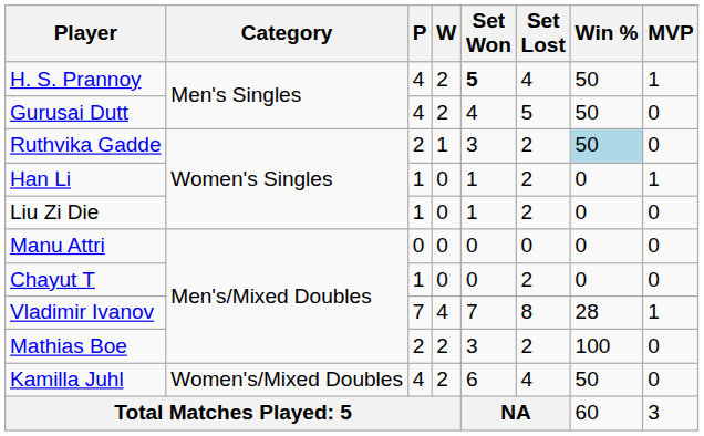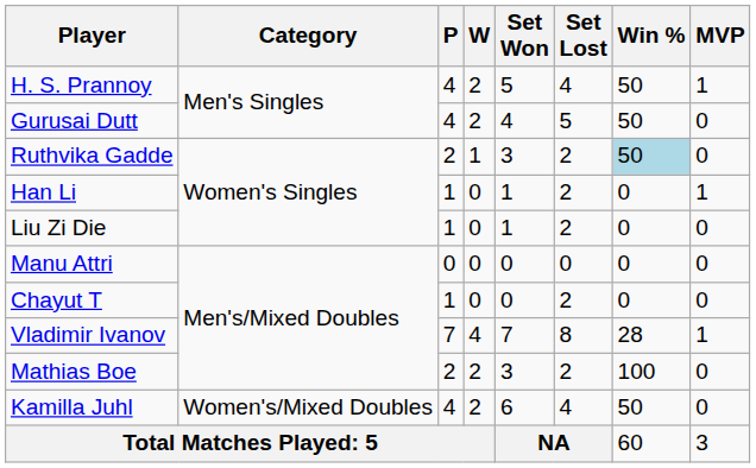 <table class="wikitable">
 <tr>
 <th>Player</th>
 <th>Category</th>
 <th>P</th>
 <th>W</th>
 <th>Set<br>Won</th>
 <th>Set<br>Lost</th>
 <th>Win %</th>
 <th>MVP</th>
 </tr>
 <tr>
 <td> <a href='#'>H. S. Prannoy</a></td>
 <td rowspan="2">Men's Singles</td>
 <td>4</td>
 <td>2</td>
-<td><strong>5</strong></td>
+<td>5</td>
 <td>4</td>
 <td>50</td>
 <td>1</td>
 </tr>
 <tr>
 <td> <a href='#'>Gurusai Dutt</a></td>
 <td>4</td>
 <td>2</td>
 <td>4</td>
 <td>5</td>
 <td>50</td>
 <td>0</td>
 </tr>
 <tr>
 <td> <a href='#'>Ruthvika Gadde</a></td>
 <td rowspan="3">Women's Singles</td>
 <td>2</td>
 <td>1</td>
 <td>3</td>
 <td>2</td>
 <td style="background: lightblue;">50</td>
 <td>0</td>
 </tr>
 <tr>
 <td> <a href='#'>Han Li</a></td>
 <td>1</td>
 <td>0</td>
 <td>1</td>
 <td>2</td>
 <td>0</td>
 <td>1</td>
 </tr>
 <tr>
 <td> Liu Zi Die</td>
 <td>1</td>
 <td>0</td>
 <td>1</td>
 <td>2</td>
 <td>0</td>
 <td>0</td>
 </tr>
 <tr>
 <td> <a href='#'>Manu Attri</a></td>
 <td rowspan="4">Men's/Mixed Doubles</td>
 <td>0</td>
 <td>0</td>
 <td>0</td>
 <td>0</td>
 <td>0</td>
 <td>0</td>
 </tr>
 <tr>
 <td> <a href='#'>Chayut T</a></td>
 <td>1</td>
 <td>0</td>
 <td>0</td>
 <td>2</td>
 <td>0</td>
 <td>0</td>
 </tr>
 <tr>
 <td> <a href='#'>Vladimir Ivanov</a></td>
 <td>7</td>
 <td>4</td>
 <td>7</td>
 <td>8</td>
 <td>28</td>
 <td>1</td>
 </tr>
 <tr>
 <td> <a href='#'>Mathias Boe</a></td>
 <td>2</td>
 <td>2</td>
 <td>3</td>
 <td>2</td>
 <td>100</td>
 <td>0</td>
 </tr>
 <tr>
 <td> <a href='#'>Kamilla Juhl</a></td>
 <td>Women's/Mixed Doubles</td>
 <td>4</td>
 <td>2</td>
 <td>6</td>
 <td>4</td>
 <td>50</td>
 <td>0</td>
 </tr>
 <tr>
 <th colspan="4">Total Matches Played: 5</th>
 <th colspan="2">NA</th>
 <td>60</td>
 <td>3</td>
 </tr>
 </table>
